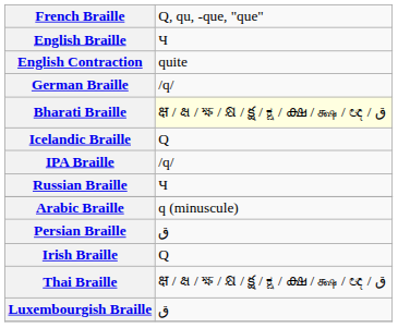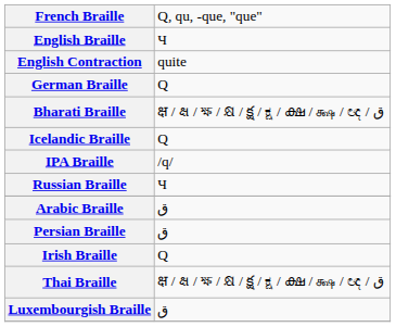 <table class="wikitable">
 <tr>
 <th align=left><a href='#'>French Braille</a></th>
 <td>Q, qu, -que, "que"</td>
 </tr>
 <tr>
 <th align=left><a href='#'>English Braille</a></th>
 <td>Ч</td>
 </tr>
 <tr>
 <th align=left><a href='#'>English Contraction</a></th>
 <td>quite</td>
 </tr>
 <tr>
 <th align=left><a href='#'>German Braille</a></th>
-<td>/q/</td>
+<td>Q</td>
 </tr>
 <tr>
 <th align=left><a href='#'>Bharati Braille</a></th>
-<td style="background: lightyellow;">क्ष / ક્ષ / ক্ষ / କ୍ଷ / క్ష / ಕ್ಷ / ക്ഷ / க்ஷ / ඥ / ق ‎</td>
+<td>क्ष / ક્ષ / ক্ষ / କ୍ଷ / క్ష / ಕ್ಷ / ക്ഷ / க்ஷ / ඥ / ق ‎</td>
 </tr>
 <tr>
 <th align=left><a href='#'>Icelandic Braille</a></th>
 <td>Q</td>
 </tr>
 <tr>
 <th align=left><a href='#'>IPA Braille</a></th>
 <td>/q/</td>
 </tr>
 <tr>
 <th align=left><a href='#'>Russian Braille</a></th>
 <td>Ч</td>
 </tr>
 <tr>
 </tr>
 <tr>
 <th align=left><a href='#'>Arabic Braille</a></th>
-<td>q (minuscule)</td>
+<td>ق</td>
 </tr>
 <tr>
 <th align=left><a href='#'>Persian Braille</a></th>
 <td>ق</td>
 </tr>
 <tr>
 <th align=left><a href='#'>Irish Braille</a></th>
 <td>Q</td>
 </tr>
 <tr>
 <th align=left><a href='#'>Thai Braille</a></th>
 <td>क्ष / ક્ષ / ক্ষ / କ୍ଷ / క్ష / ಕ್ಷ / ക്ഷ / க்ஷ / ඥ / ق ‎</td>
 </tr>
 <tr>
 <th align=left><a href='#'>Luxembourgish Braille</a></th>
 <td>ق</td>
 </tr>
 <tr>
 </tr>
 </table>
